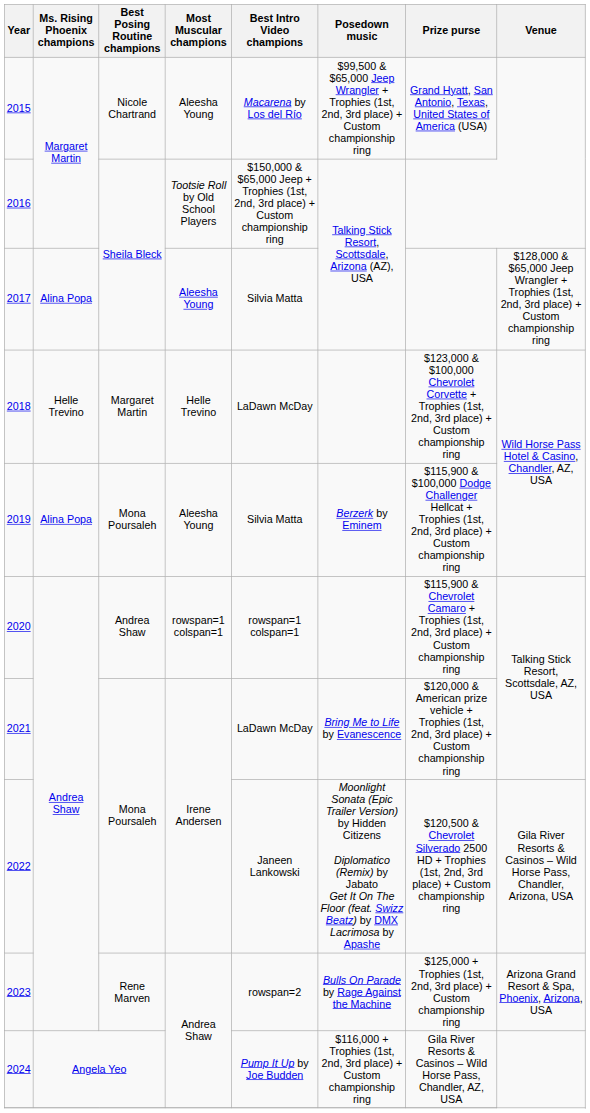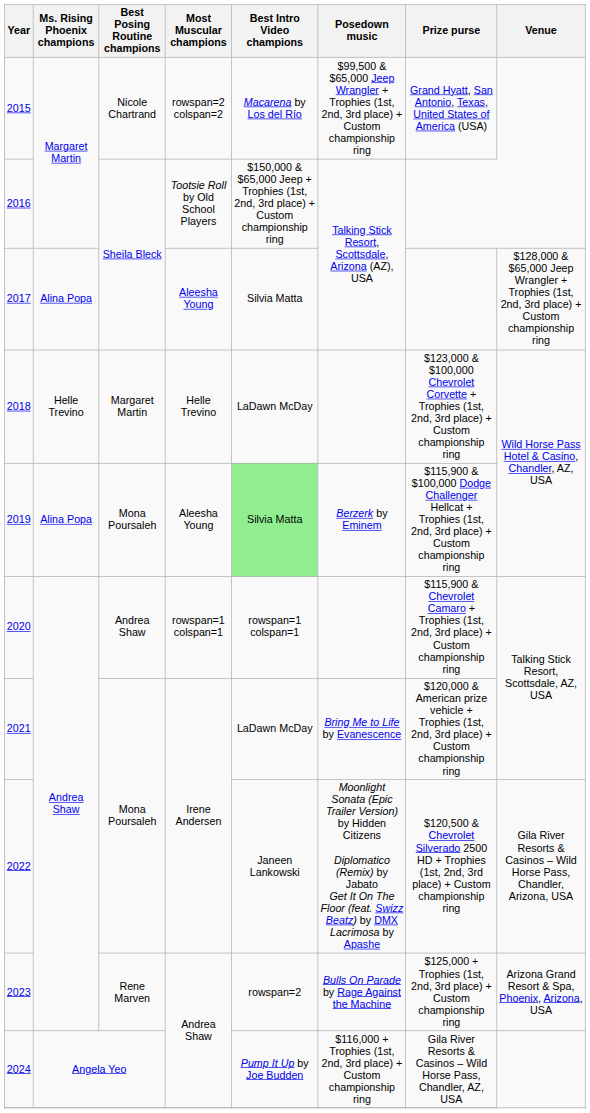 <table class="wikitable sortable sticky-header" style="text-align:center">
 <tr>
 <th>Year</th>
 <th>Ms. Rising Phoenix champions</th>
 <th>Best Posing Routine champions</th>
 <th>Most Muscular champions</th>
 <th>Best Intro Video champions</th>
 <th>Posedown music</th>
 <th>Prize purse</th>
 <th>Venue</th>
 </tr>
 <tr>
 <td><a href='#'>2015</a></td>
 <td rowspan=2 colspan=1> <a href='#'>Margaret Martin</a></td>
 <td> Nicole Chartrand</td>
-<td> Aleesha Young</td>
+<td>rowspan=2 colspan=2 </td>
 <td><em><a href='#'>Macarena</a></em> by <a href='#'>Los del Río</a></td>
 <td>$99,500 & $65,000 <a href='#'>Jeep Wrangler</a> + Trophies (1st, 2nd, 3rd place) + Custom championship ring</td>
 <td><a href='#'>Grand Hyatt</a>, <a href='#'>San Antonio</a>, <a href='#'>Texas</a>, <a href='#'>United States of America</a> (USA)</td>
 </tr>
 <tr>
 <td><a href='#'>2016</a></td>
 <td rowspan=2 colspan=1> <a href='#'>Sheila Bleck</a></td>
 <td><em>Tootsie Roll</em> by Old School Players</td>
 <td>$150,000 & $65,000 Jeep + Trophies (1st, 2nd, 3rd place) + Custom championship ring</td>
 <td rowspan=2 colspan=1><a href='#'>Talking Stick Resort</a>, <a href='#'>Scottsdale</a>, <a href='#'>Arizona</a>  (AZ), USA</td>
 </tr>
 <tr>
 <td><a href='#'>2017</a></td>
 <td> <a href='#'>Alina Popa</a></td>
 <td> <a href='#'>Aleesha Young</a></td>
 <td> Silvia Matta</td>
 <td></td>
 <td>$128,000 & $65,000 Jeep Wrangler + Trophies (1st, 2nd, 3rd place) + Custom championship ring</td>
 </tr>
 <tr>
 <td><a href='#'>2018</a></td>
 <td> Helle Trevino</td>
 <td> Margaret Martin</td>
 <td> Helle Trevino</td>
 <td> LaDawn McDay</td>
 <td></td>
 <td>$123,000 & $100,000 <a href='#'>Chevrolet Corvette</a> + Trophies (1st, 2nd, 3rd place) + Custom championship ring</td>
 <td rowspan=2 colspan=1><a href='#'>Wild Horse Pass Hotel & Casino</a>, <a href='#'>Chandler</a>, AZ, USA</td>
 </tr>
 <tr>
 <td><a href='#'>2019</a></td>
 <td> <a href='#'>Alina Popa</a></td>
 <td> Mona Poursaleh</td>
 <td> Aleesha Young</td>
-<td> Silvia Matta</td>
+<td style="background: lightgreen;"> Silvia Matta</td>
 <td><em><a href='#'>Berzerk</a></em> by <a href='#'>Eminem</a></td>
 <td>$115,900 & $100,000 <a href='#'>Dodge Challenger</a> Hellcat + Trophies (1st, 2nd, 3rd place) + Custom championship ring</td>
 </tr>
 <tr>
 <td><a href='#'>2020</a></td>
 <td rowspan=4 colspan=1> <a href='#'>Andrea Shaw</a></td>
 <td> Andrea Shaw</td>
 <td>rowspan=1 colspan=1 </td>
 <td>rowspan=1 colspan=1 </td>
 <td></td>
 <td>$115,900 & <a href='#'>Chevrolet Camaro</a> + Trophies (1st, 2nd, 3rd place) + Custom championship ring</td>
 <td rowspan=2 colspan=1>Talking Stick Resort, Scottsdale, AZ, USA</td>
 </tr>
 <tr>
 <td><a href='#'>2021</a></td>
 <td rowspan=2 colspan=1> Mona Poursaleh</td>
 <td rowspan=2 colspan=1> Irene Andersen</td>
 <td> LaDawn McDay</td>
 <td><em><a href='#'>Bring Me to Life</a></em> by <a href='#'>Evanescence</a></td>
 <td>$120,000 & American prize vehicle + Trophies (1st, 2nd, 3rd place) + Custom championship ring</td>
 </tr>
 <tr>
 <td><a href='#'>2022</a></td>
 <td> Janeen Lankowski</td>
 <td><em>Moonlight Sonata (Epic Trailer Version)</em> by Hidden Citizens<br><br><em>Diplomatico (Remix)</em> by Jabato<br> <em>Get It On The Floor (feat. <a href='#'>Swizz Beatz</a>)</em> by <a href='#'>DMX</a><br> <em>Lacrimosa</em> by <a href='#'>Apashe</a></td>
 <td>$120,500 & <a href='#'>Chevrolet Silverado</a> 2500 HD + Trophies (1st, 2nd, 3rd place) + Custom championship ring</td>
 <td>Gila River Resorts & Casinos – Wild Horse Pass, Chandler, Arizona, USA</td>
 </tr>
 <tr>
 <td><a href='#'>2023</a></td>
 <td> Rene Marven</td>
 <td rowspan=2> Andrea Shaw</td>
 <td>rowspan=2 </td>
 <td><em><a href='#'>Bulls On Parade</a></em> by <a href='#'>Rage Against the Machine</a></td>
 <td>$125,000 + Trophies (1st, 2nd, 3rd place) + Custom championship ring</td>
 <td>Arizona Grand Resort & Spa, <a href='#'>Phoenix</a>, <a href='#'>Arizona</a>, USA</td>
 </tr>
 <tr>
 <td><a href='#'>2024</a></td>
 <td rowspan=1 colspan=2> <a href='#'>Angela Yeo</a></td>
 <td><em><a href='#'>Pump It Up</a></em> by <a href='#'>Joe Budden</a></td>
 <td>$116,000 + Trophies (1st, 2nd, 3rd place) + Custom championship ring</td>
 <td>Gila River Resorts & Casinos – Wild Horse Pass, Chandler, AZ, USA</td>
 </tr>
 <tr>
 </tr>
 </table>
